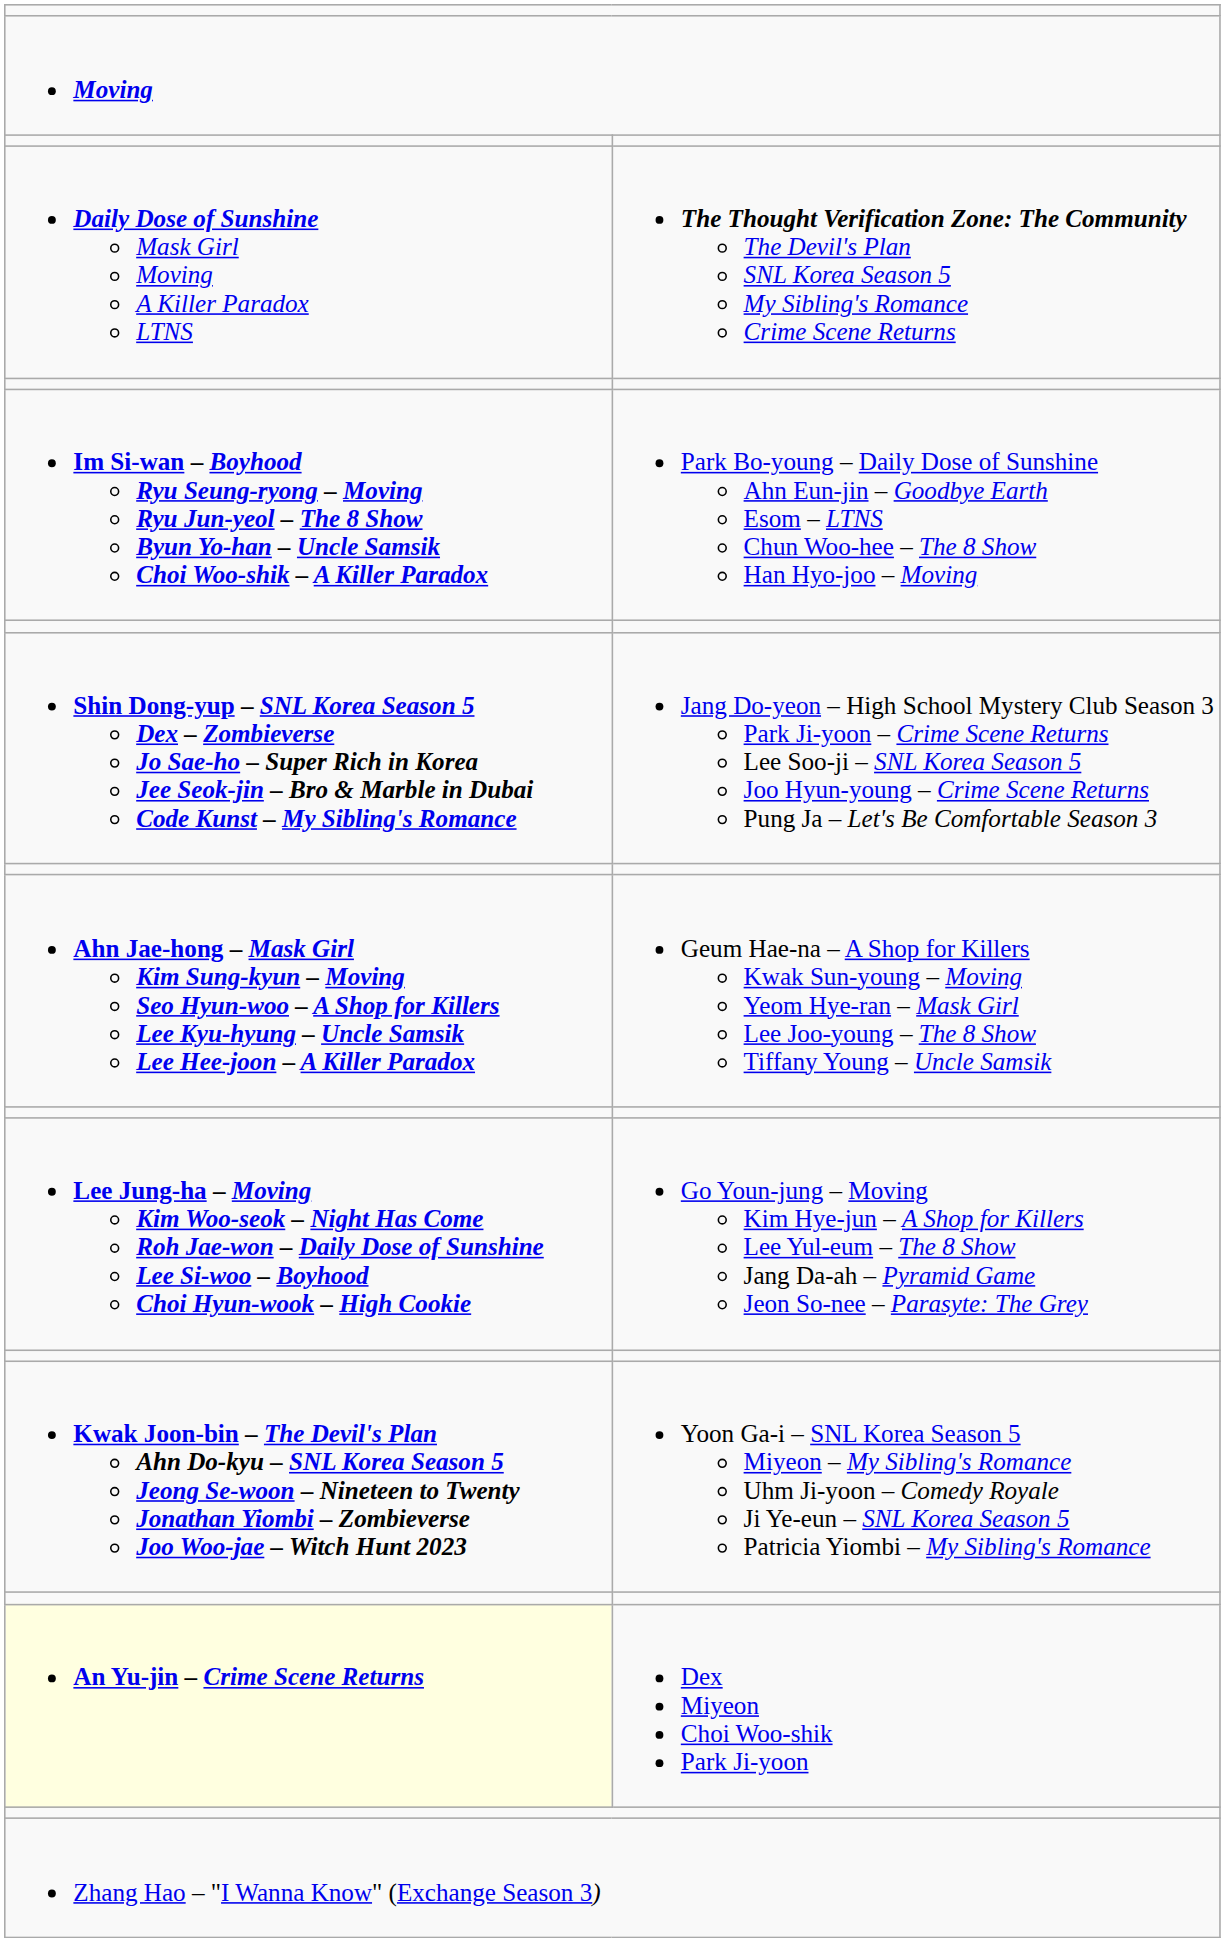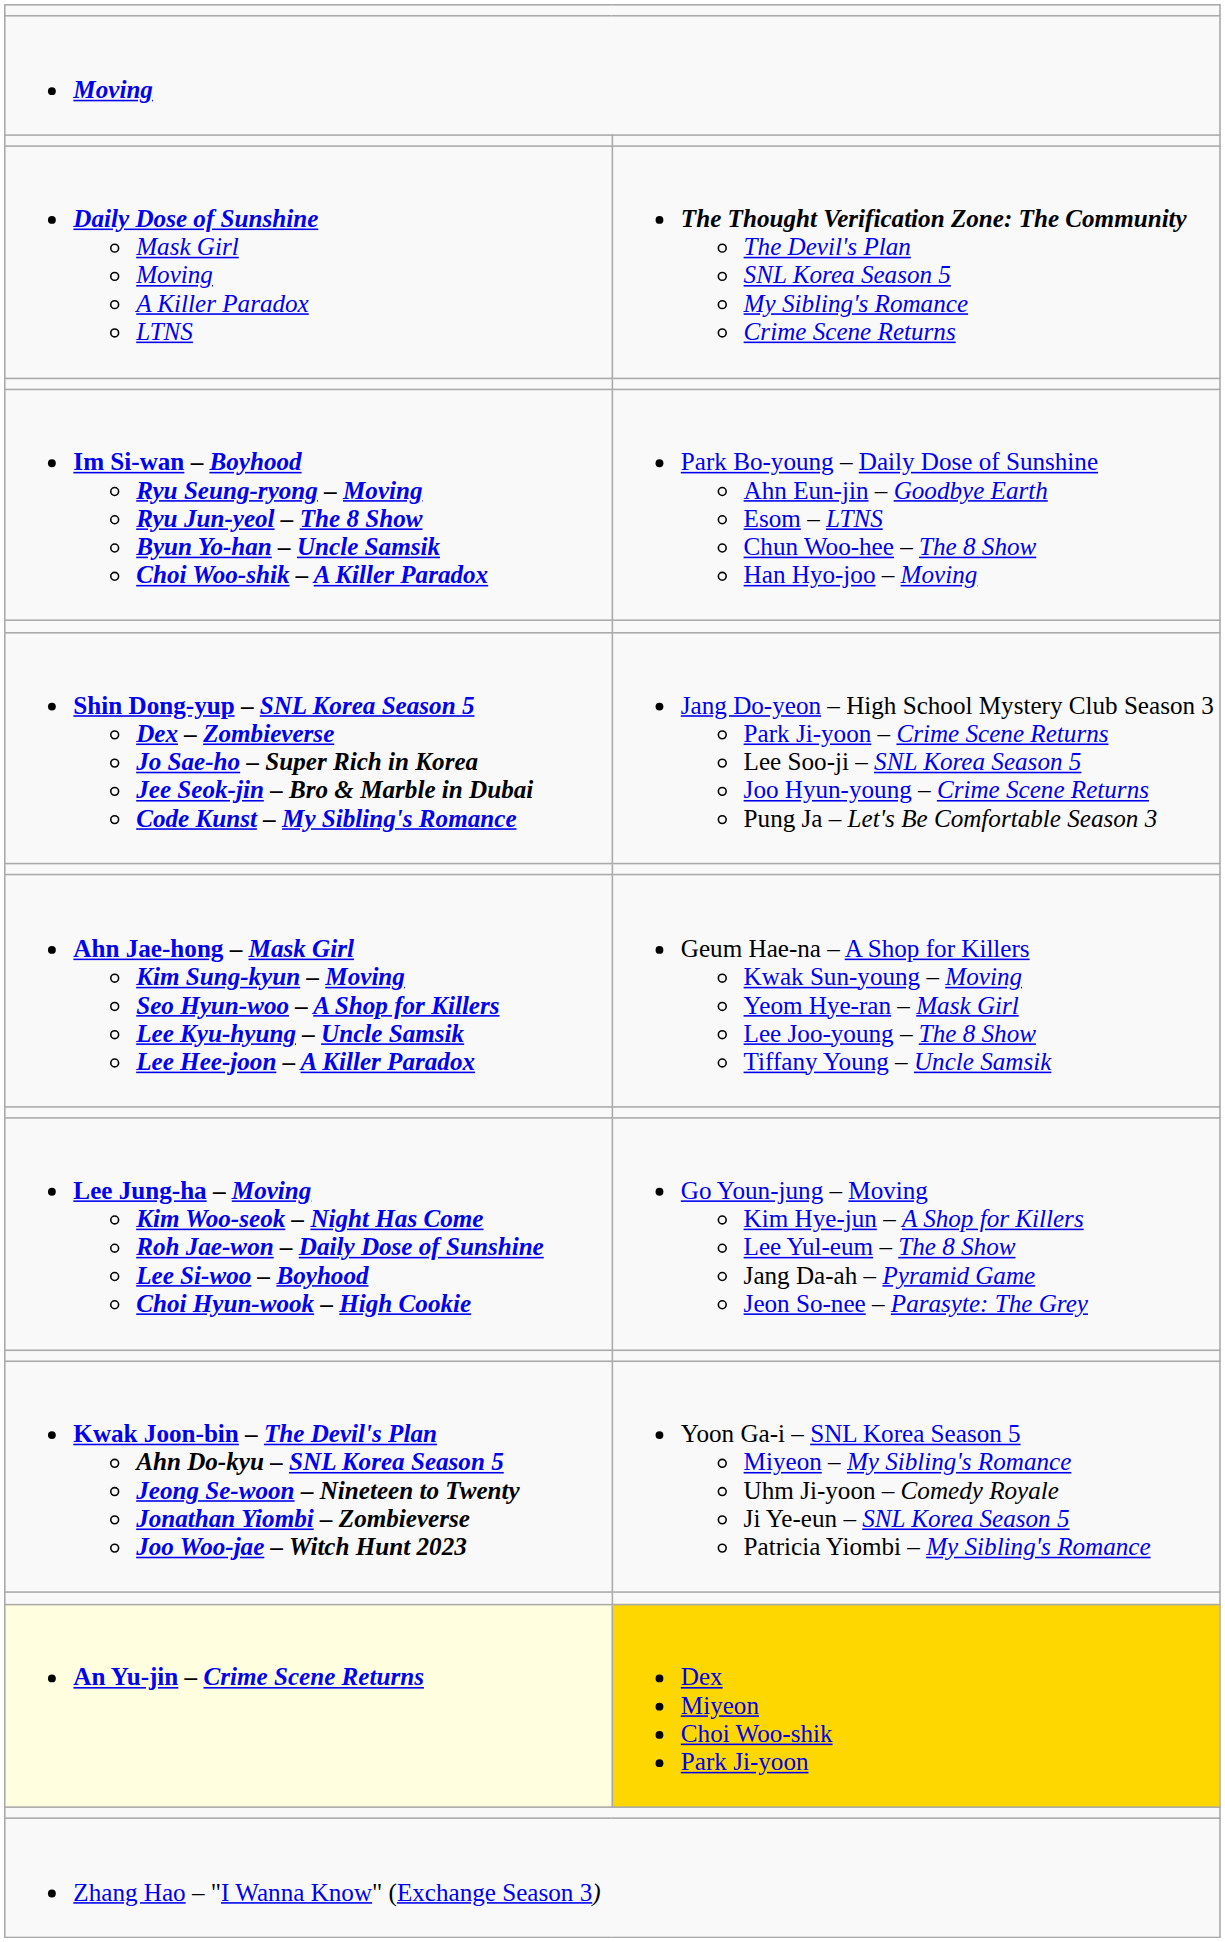 <table class="wikitable" align="center">
 <tr>
 <td colspan="2" style="vertical-align:top; width:50%;"></td>
 </tr>
 <tr>
 <td colspan="2" valign="top"><br><ul><li><em><a href='#'><strong>Moving</strong></a></em></li></ul></td>
 </tr>
 <tr>
 <td style="vertical-align:top; width:50%;"></td>
 <td style="vertical-align:top; width:50%;"></td>
 </tr>
 <tr>
 <td valign="top"><br><ul><li><strong><em><a href='#'>Daily Dose of Sunshine</a></em></strong><ul><li><em><a href='#'>Mask Girl</a></em></li><li><em><a href='#'>Moving</a></em></li><li><em><a href='#'>A Killer Paradox</a></em></li><li><em><a href='#'>LTNS</a></em></li></ul></li></ul></td>
 <td valign="top"><br><ul><li><strong><em>The Thought Verification Zone: The Community</em></strong><ul><li><em><a href='#'>The Devil's Plan</a></em></li><li><em><a href='#'>SNL Korea Season 5</a></em></li><li><em><a href='#'>My Sibling's Romance</a></em></li><li><em><a href='#'>Crime Scene Returns</a></em></li></ul></li></ul></td>
 </tr>
 <tr>
 <td style="vertical-align:top; width:50%;"></td>
 <td style="vertical-align:top; width:50%;"></td>
 </tr>
 <tr>
 <td valign="top"><br><ul><li><strong> <a href='#'>Im Si-wan</a> – <em><a href='#'>Boyhood</a><strong><em><ul><li><a href='#'>Ryu Seung-ryong</a> –  </em><a href='#'>Moving</a><em></li><li><a href='#'>Ryu Jun-yeol</a> – </em><a href='#'>The 8 Show</a><em></li><li><a href='#'>Byun Yo-han</a> – </em><a href='#'>Uncle Samsik</a><em></li><li><a href='#'>Choi Woo-shik</a> – </em><a href='#'>A Killer Paradox</a><em></li></ul></li></ul></td>
 <td valign="top"><br><ul><li></strong> <a href='#'>Park Bo-young</a> – </em><a href='#'>Daily Dose of Sunshine</a></em></strong><ul><li><a href='#'>Ahn Eun-jin</a> – <em><a href='#'>Goodbye Earth</a></em></li><li><a href='#'>Esom</a> – <em><a href='#'>LTNS</a></em></li><li><a href='#'>Chun Woo-hee</a> – <em><a href='#'>The 8 Show</a></em></li><li><a href='#'>Han Hyo-joo</a> – <em><a href='#'>Moving</a></em></li></ul></li></ul></td>
 </tr>
 <tr>
 <td style="vertical-align:top; width:50%;"></td>
 <td style="vertical-align:top; width:50%;"></td>
 </tr>
 <tr>
 <td valign="top"><br><ul><li><strong><a href='#'>Shin Dong-yup</a> –  <em><a href='#'>SNL Korea Season 5</a><strong><em><ul><li><a href='#'>Dex</a> –  </em><a href='#'>Zombieverse</a><em></li><li><a href='#'>Jo Sae-ho</a> –  </em>Super Rich in Korea<em></li><li><a href='#'>Jee Seok-jin</a> –  </em>Bro & Marble in Dubai<em></li><li><a href='#'>Code Kunst</a> –  </em><a href='#'>My Sibling's Romance</a><em></li></ul></li></ul></td>
 <td valign="top"><br><ul><li></strong><a href='#'>Jang Do-yeon</a> – </em>High School Mystery Club Season 3</em></strong><ul><li><a href='#'>Park Ji-yoon</a> – <em><a href='#'>Crime Scene Returns</a></em></li><li>Lee Soo-ji – <em><a href='#'>SNL Korea Season 5</a></em></li><li><a href='#'>Joo Hyun-young</a> – <em><a href='#'>Crime Scene Returns</a></em></li><li>Pung Ja – <em>Let's Be Comfortable Season 3</em></li></ul></li></ul></td>
 </tr>
 <tr>
 <td style="vertical-align:top; width:50%;"></td>
 <td style="vertical-align:top; width:50%;"></td>
 </tr>
 <tr>
 <td valign="top"><br><ul><li><strong><a href='#'>Ahn Jae-hong</a> – <em><a href='#'>Mask Girl</a><strong><em><ul><li><a href='#'>Kim Sung-kyun</a> – </em><a href='#'>Moving</a><em></li><li><a href='#'>Seo Hyun-woo</a> – </em><a href='#'>A Shop for Killers</a><em></li><li><a href='#'>Lee Kyu-hyung</a> – </em><a href='#'>Uncle Samsik</a><em></li><li><a href='#'>Lee Hee-joon</a> – </em><a href='#'>A Killer Paradox</a><em></li></ul></li></ul></td>
 <td valign="top"><br><ul><li></strong>Geum Hae-na – </em><a href='#'>A Shop for Killers</a></em></strong><ul><li><a href='#'>Kwak Sun-young</a> – <em><a href='#'>Moving</a></em></li><li><a href='#'>Yeom Hye-ran</a> – <em><a href='#'>Mask Girl</a></em></li><li><a href='#'>Lee Joo-young</a> – <em><a href='#'>The 8 Show</a></em></li><li><a href='#'>Tiffany Young</a> – <em><a href='#'>Uncle Samsik</a></em></li></ul></li></ul></td>
 </tr>
 <tr>
 <td style="vertical-align:top; width:50%;"></td>
 <td style="vertical-align:top; width:50%;"></td>
 </tr>
 <tr>
 <td valign="top"><br><ul><li><strong><a href='#'>Lee Jung-ha</a> – <em><a href='#'>Moving</a><strong><em><ul><li><a href='#'>Kim Woo-seok</a> – </em><a href='#'>Night Has Come</a><em></li><li><a href='#'>Roh Jae-won</a> – </em><a href='#'>Daily Dose of Sunshine</a><em></li><li><a href='#'>Lee Si-woo</a> – </em><a href='#'>Boyhood</a><em></li><li><a href='#'>Choi Hyun-wook</a> – </em><a href='#'>High Cookie</a><em></li></ul></li></ul></td>
 <td valign="top"><br><ul><li></strong><a href='#'>Go Youn-jung</a> – </em><a href='#'>Moving</a></em></strong><ul><li><a href='#'>Kim Hye-jun</a> – <em><a href='#'>A Shop for Killers</a></em></li><li><a href='#'>Lee Yul-eum</a> – <em><a href='#'>The 8 Show</a></em></li><li>Jang Da-ah – <em><a href='#'>Pyramid Game</a></em></li><li><a href='#'>Jeon So-nee</a> – <em><a href='#'>Parasyte: The Grey</a></em></li></ul></li></ul></td>
 </tr>
 <tr>
 <td style="vertical-align:top; width:50%;"></td>
 <td style="vertical-align:top; width:50%;"></td>
 </tr>
 <tr>
 <td valign="top"><br><ul><li><strong><a href='#'>Kwak Joon-bin</a> – <em><a href='#'>The Devil's Plan</a><strong><em><ul><li>Ahn Do-kyu – </em><a href='#'>SNL Korea Season 5</a><em></li><li><a href='#'>Jeong Se-woon</a> – </em>Nineteen to Twenty<em></li><li><a href='#'>Jonathan Yiombi</a> – </em>Zombieverse<em></li><li><a href='#'>Joo Woo-jae</a> – </em>Witch Hunt 2023<em></li></ul></li></ul></td>
 <td valign="top"><br><ul><li></strong>Yoon Ga-i – </em><a href='#'>SNL Korea Season 5</a></em></strong><ul><li><a href='#'>Miyeon</a> – <em><a href='#'>My Sibling's Romance</a></em></li><li>Uhm Ji-yoon – <em>Comedy Royale</em></li><li>Ji Ye-eun – <em><a href='#'>SNL Korea Season 5</a></em></li><li>Patricia Yiombi – <em><a href='#'>My Sibling's Romance</a></em></li></ul></li></ul></td>
 </tr>
 <tr>
 <td style="vertical-align:top; width:50%;"></td>
 <td style="vertical-align:top; width:50%;"></td>
 </tr>
 <tr>
 <td valign="top" style="background: lightyellow;"><br><ul><li><strong><a href='#'>An Yu-jin</a> – <em><a href='#'>Crime Scene Returns</a><strong><em></li></ul></td>
-<td valign="top"><br><ul><li></strong><a href='#'>Dex</a><strong></li><li><a href='#'></strong>Miyeon<strong></a></li><li></strong><a href='#'>Choi Woo-shik</a><strong></li><li></strong><a href='#'>Park Ji-yoon</a><strong></li></ul></td>
+<td valign="top" style="background: gold;"><br><ul><li></strong><a href='#'>Dex</a><strong></li><li><a href='#'></strong>Miyeon<strong></a></li><li></strong><a href='#'>Choi Woo-shik</a><strong></li><li></strong><a href='#'>Park Ji-yoon</a><strong></li></ul></td>
 </tr>
 <tr>
 <td colspan="2" style="vertical-align:top; width:50%;"></td>
 </tr>
 <tr>
 <td colspan="2" valign="top"><br><ul><li></strong><a href='#'>Zhang Hao</a> – "<a href='#'>I Wanna Know</a>" (</em><a href='#'>Exchange Season 3</a><em>)<strong></li></ul></td>
 </tr>
 </table>
